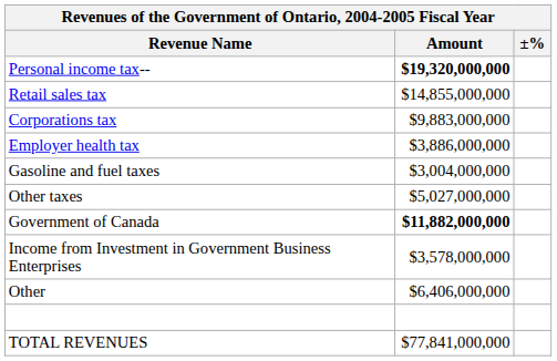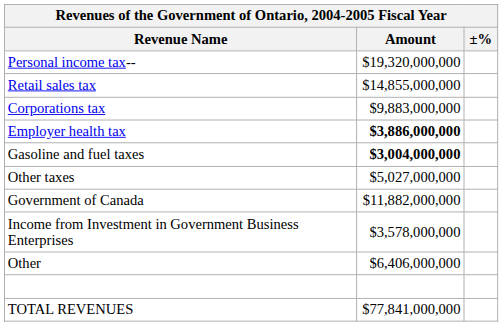 <table class="wikitable">
 <tr>
 <th colspan="7">Revenues of the Government of Ontario, 2004-2005 Fiscal Year</th>
 </tr>
 <tr>
 <th style="width: 380px">Revenue Name</th>
 <th style="width: 110px">Amount</th>
 <th style="width: 30px">±%</th>
 </tr>
 <tr bgcolor="white">
 <td><a href='#'>Personal income tax</a>--</td>
-<td align="right"><strong>$19,320,000,000</strong></td>
+<td align="right">$19,320,000,000</td>
 <td align="center"></td>
 </tr>
 <tr bgcolor="white">
 <td><a href='#'>Retail sales tax</a></td>
 <td align="right">$14,855,000,000</td>
 <td align="center"></td>
 </tr>
 <tr bgcolor="white">
 <td><a href='#'>Corporations tax</a></td>
 <td align="right">$9,883,000,000</td>
 <td align="center"></td>
 </tr>
 <tr bgcolor="white">
 <td><a href='#'>Employer health tax</a></td>
-<td align="right">$3,886,000,000</td>
+<td align="right"><strong>$3,886,000,000</strong></td>
 <td align="center"></td>
 </tr>
 <tr bgcolor="white">
 <td>Gasoline and fuel taxes</td>
-<td align="right">$3,004,000,000</td>
+<td align="right"><strong>$3,004,000,000</strong></td>
 <td align="center"></td>
 </tr>
 <tr bgcolor="white">
 <td>Other taxes</td>
 <td align="right">$5,027,000,000</td>
 <td align="center"></td>
 </tr>
 <tr bgcolor="white">
 <td>Government of Canada</td>
-<td align="right"><strong>$11,882,000,000</strong></td>
+<td align="right">$11,882,000,000</td>
 <td align="center"></td>
 </tr>
 <tr bgcolor="white">
 <td>Income from Investment in Government Business Enterprises</td>
 <td align="right">$3,578,000,000</td>
 <td align="center"></td>
 </tr>
 <tr bgcolor="white">
 <td>Other</td>
 <td align="right">$6,406,000,000</td>
 <td align="center"></td>
 </tr>
 <tr bgcolor="white">
 <td> </td>
 <td align="right"></td>
 <td align="center"></td>
 </tr>
 <tr bgcolor="white">
 <td>TOTAL REVENUES</td>
 <td align="right">$77,841,000,000</td>
 <td align="center"></td>
 </tr>
 </table>
